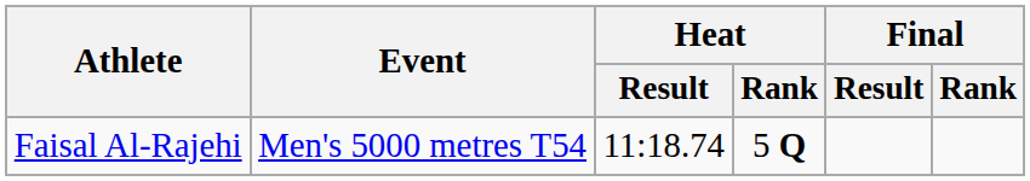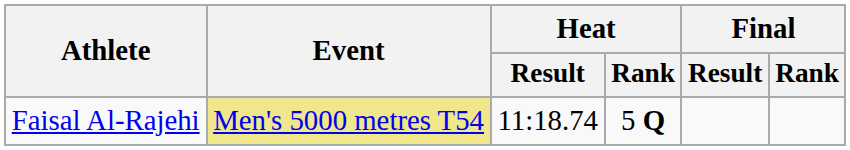 <table class="wikitable" style="font-size:90%">
 <tr>
 <th rowspan="2">Athlete</th>
 <th rowspan="2">Event</th>
 <th colspan="2">Heat</th>
 <th colspan="2">Final</th>
 </tr>
 <tr style="font-size:95%">
 <th>Result</th>
 <th>Rank</th>
 <th>Result</th>
 <th>Rank</th>
 </tr>
 <tr align=center>
 <td align=left><a href='#'>Faisal Al-Rajehi</a></td>
-<td align=left><a href='#'>Men's 5000 metres T54</a></td>
+<td align=left style="background: khaki;"><a href='#'>Men's 5000 metres T54</a></td>
 <td>11:18.74</td>
 <td>5 <strong>Q</strong></td>
 <td></td>
 <td></td>
 </tr>
 </table>
